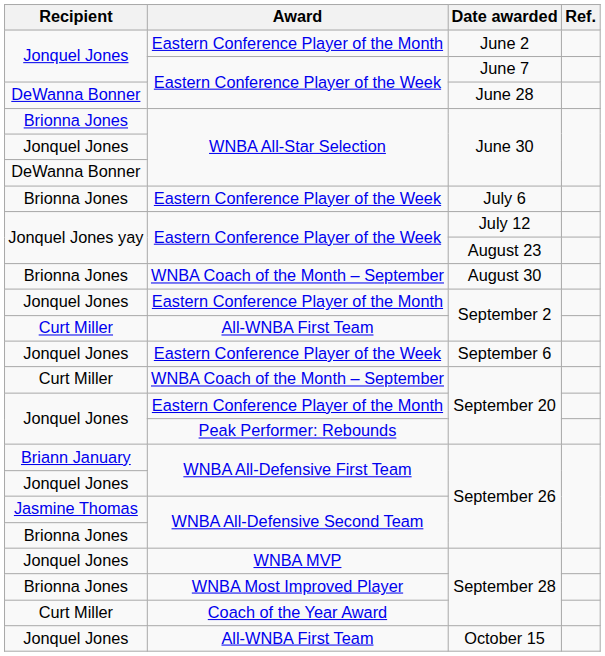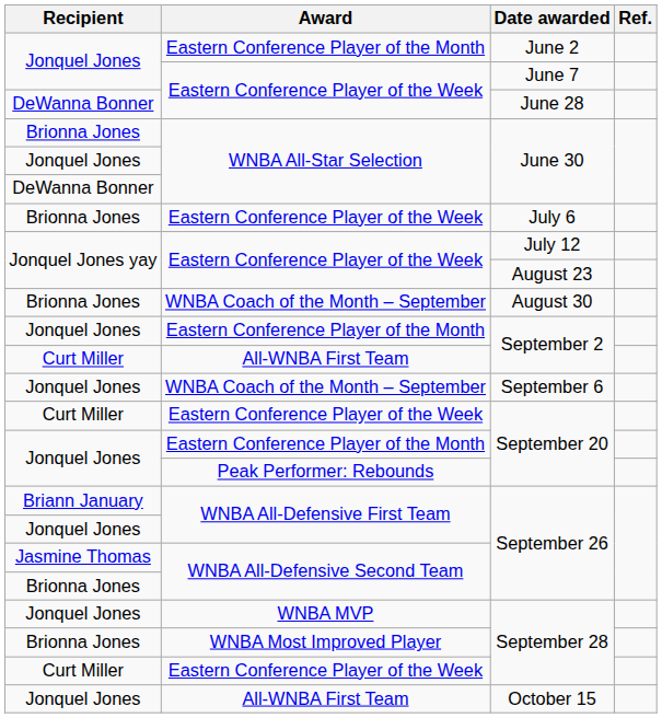 <table class="wikitable sortable sortable" style="text-align: center">
 <tr>
 <th>Recipient</th>
 <th>Award</th>
 <th>Date awarded</th>
 <th>Ref.</th>
 </tr>
 <tr>
 <td rowspan=2><a href='#'>Jonquel Jones</a></td>
 <td><a href='#'>Eastern Conference Player of the Month</a></td>
 <td>June 2</td>
 <td></td>
 </tr>
 <tr>
 <td rowspan=2><a href='#'>Eastern Conference Player of the Week</a></td>
 <td>June 7</td>
 <td></td>
 </tr>
 <tr>
 <td><a href='#'>DeWanna Bonner</a></td>
 <td>June 28</td>
 <td></td>
 </tr>
 <tr>
 <td><a href='#'>Brionna Jones</a></td>
 <td rowspan=3><a href='#'>WNBA All-Star Selection</a></td>
 <td rowspan=3>June 30</td>
 <td rowspan=3></td>
 </tr>
 <tr>
 <td>Jonquel Jones</td>
 </tr>
 <tr>
 <td>DeWanna Bonner</td>
 </tr>
 <tr>
 <td>Brionna Jones</td>
 <td><a href='#'>Eastern Conference Player of the Week</a></td>
 <td>July 6</td>
 <td></td>
 </tr>
 <tr>
 <td rowspan=2>Jonquel Jones yay</td>
 <td rowspan=2><a href='#'>Eastern Conference Player of the Week</a></td>
 <td>July 12</td>
 <td></td>
 </tr>
 <tr>
 <td>August 23</td>
 <td></td>
 </tr>
 <tr>
 <td>Brionna Jones</td>
 <td><a href='#'>WNBA Coach of the Month – September</a></td>
 <td>August 30</td>
 <td></td>
 </tr>
 <tr>
 <td>Jonquel Jones</td>
 <td><a href='#'>Eastern Conference Player of the Month</a></td>
 <td rowspan=2>September 2</td>
 <td></td>
 </tr>
 <tr>
 <td><a href='#'>Curt Miller</a></td>
 <td><a href='#'>All-WNBA First Team</a></td>
 <td></td>
 </tr>
 <tr>
 <td>Jonquel Jones</td>
-<td><a href='#'>Eastern Conference Player of the Week</a></td>
+<td><a href='#'>WNBA Coach of the Month – September</a></td>
 <td>September 6</td>
 <td></td>
 </tr>
 <tr>
 <td>Curt Miller</td>
-<td><a href='#'>WNBA Coach of the Month – September</a></td>
+<td><a href='#'>Eastern Conference Player of the Week</a></td>
 <td rowspan=3>September 20</td>
 <td></td>
 </tr>
 <tr>
 <td rowspan=2>Jonquel Jones</td>
 <td><a href='#'>Eastern Conference Player of the Month</a></td>
 <td></td>
 </tr>
 <tr>
 <td><a href='#'>Peak Performer: Rebounds</a></td>
 <td></td>
 </tr>
 <tr>
 <td><a href='#'>Briann January</a></td>
 <td rowspan=2><a href='#'>WNBA All-Defensive First Team</a></td>
 <td rowspan=4>September 26</td>
 <td rowspan=4></td>
 </tr>
 <tr>
 <td>Jonquel Jones</td>
 </tr>
 <tr>
 <td><a href='#'>Jasmine Thomas</a></td>
 <td rowspan=2><a href='#'>WNBA All-Defensive Second Team</a></td>
 </tr>
 <tr>
 <td>Brionna Jones</td>
 </tr>
 <tr>
 <td>Jonquel Jones</td>
 <td><a href='#'>WNBA MVP</a></td>
 <td rowspan=3>September 28</td>
 <td></td>
 </tr>
 <tr>
 <td>Brionna Jones</td>
 <td><a href='#'>WNBA Most Improved Player</a></td>
 <td></td>
 </tr>
 <tr>
 <td>Curt Miller</td>
-<td><a href='#'>Coach of the Year Award</a></td>
+<td><a href='#'>Eastern Conference Player of the Week</a></td>
 <td></td>
 </tr>
 <tr>
 <td>Jonquel Jones</td>
 <td><a href='#'>All-WNBA First Team</a></td>
 <td>October 15</td>
 <td></td>
 </tr>
 </table>
